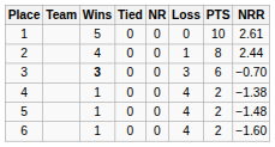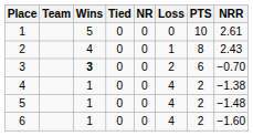 <table class="wikitable">
 <tr>
 <th>Place</th>
 <th>Team</th>
 <th>Wins</th>
 <th>Tied</th>
 <th>NR</th>
 <th>Loss</th>
 <th>PTS</th>
 <th>NRR</th>
 </tr>
 <tr align="center">
 <td>1</td>
 <td align="left"></td>
 <td>5</td>
 <td>0</td>
 <td>0</td>
 <td>0</td>
 <td>10</td>
 <td>2.61</td>
 </tr>
 <tr align="center">
 <td>2</td>
 <td align="left"></td>
 <td>4</td>
 <td>0</td>
 <td>0</td>
 <td>1</td>
 <td>8</td>
-<td>2.44</td>
+<td>2.43</td>
 </tr>
 <tr align="center">
 <td>3</td>
 <td align="left"></td>
 <td><strong>3</strong></td>
 <td>0</td>
 <td>0</td>
-<td>3</td>
+<td>2</td>
 <td>6</td>
 <td>−0.70</td>
 </tr>
 <tr align="center">
 <td>4</td>
 <td align="left"></td>
 <td>1</td>
 <td>0</td>
 <td>0</td>
 <td>4</td>
 <td>2</td>
 <td>−1.38</td>
 </tr>
 <tr align="center">
 <td>5</td>
 <td align="left"></td>
 <td>1</td>
 <td>0</td>
 <td>0</td>
 <td>4</td>
 <td>2</td>
 <td>−1.48</td>
 </tr>
 <tr align="center">
 <td>6</td>
 <td align="left"></td>
 <td>1</td>
 <td>0</td>
 <td>0</td>
 <td>4</td>
 <td>2</td>
 <td>−1.60</td>
 </tr>
 </table>
